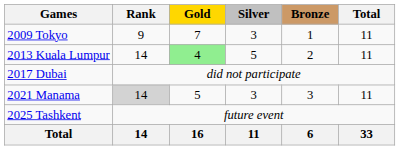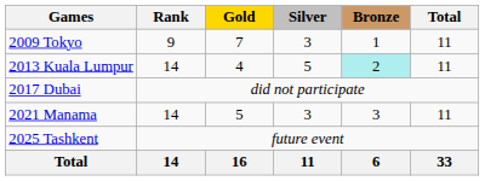 <table class="wikitable sortable" style="margin-top:0em; text-align:center; font-size:100%;">
 <tr>
 <th>Games</th>
 <th style="width:4em;">Rank</th>
 <th style="background:gold; width:4em;"><strong>Gold</strong></th>
 <th style="background:silver; width:4em;"><strong>Silver</strong></th>
 <th style="background:#cc9966; width:4em;"><strong>Bronze</strong></th>
 <th style="width:4em;">Total</th>
 </tr>
 <tr>
 <td align=left> <a href='#'>2009 Tokyo</a></td>
 <td>9</td>
 <td>7</td>
 <td>3</td>
 <td>1</td>
 <td>11</td>
 </tr>
 <tr>
 <td align=left> <a href='#'>2013 Kuala Lumpur</a></td>
 <td>14</td>
-<td style="background: lightgreen;">4</td>
+<td>4</td>
 <td>5</td>
-<td>2</td>
+<td style="background: paleturquoise;">2</td>
 <td>11</td>
 </tr>
 <tr>
 <td align=left> <a href='#'>2017 Dubai</a></td>
 <td colspan=5><em>did not participate</em></td>
 </tr>
 <tr>
 <td align=left> <a href='#'>2021 Manama</a></td>
-<td style="background: lightgrey;">14</td>
+<td>14</td>
 <td>5</td>
 <td>3</td>
 <td>3</td>
 <td>11</td>
 </tr>
 <tr>
 <td align=left> <a href='#'>2025 Tashkent</a></td>
 <td colspan=5><em>future event</em></td>
 </tr>
 <tr>
 <th>Total</th>
 <th>14</th>
 <th>16</th>
 <th>11</th>
 <th>6</th>
 <th>33</th>
 </tr>
 </table>
